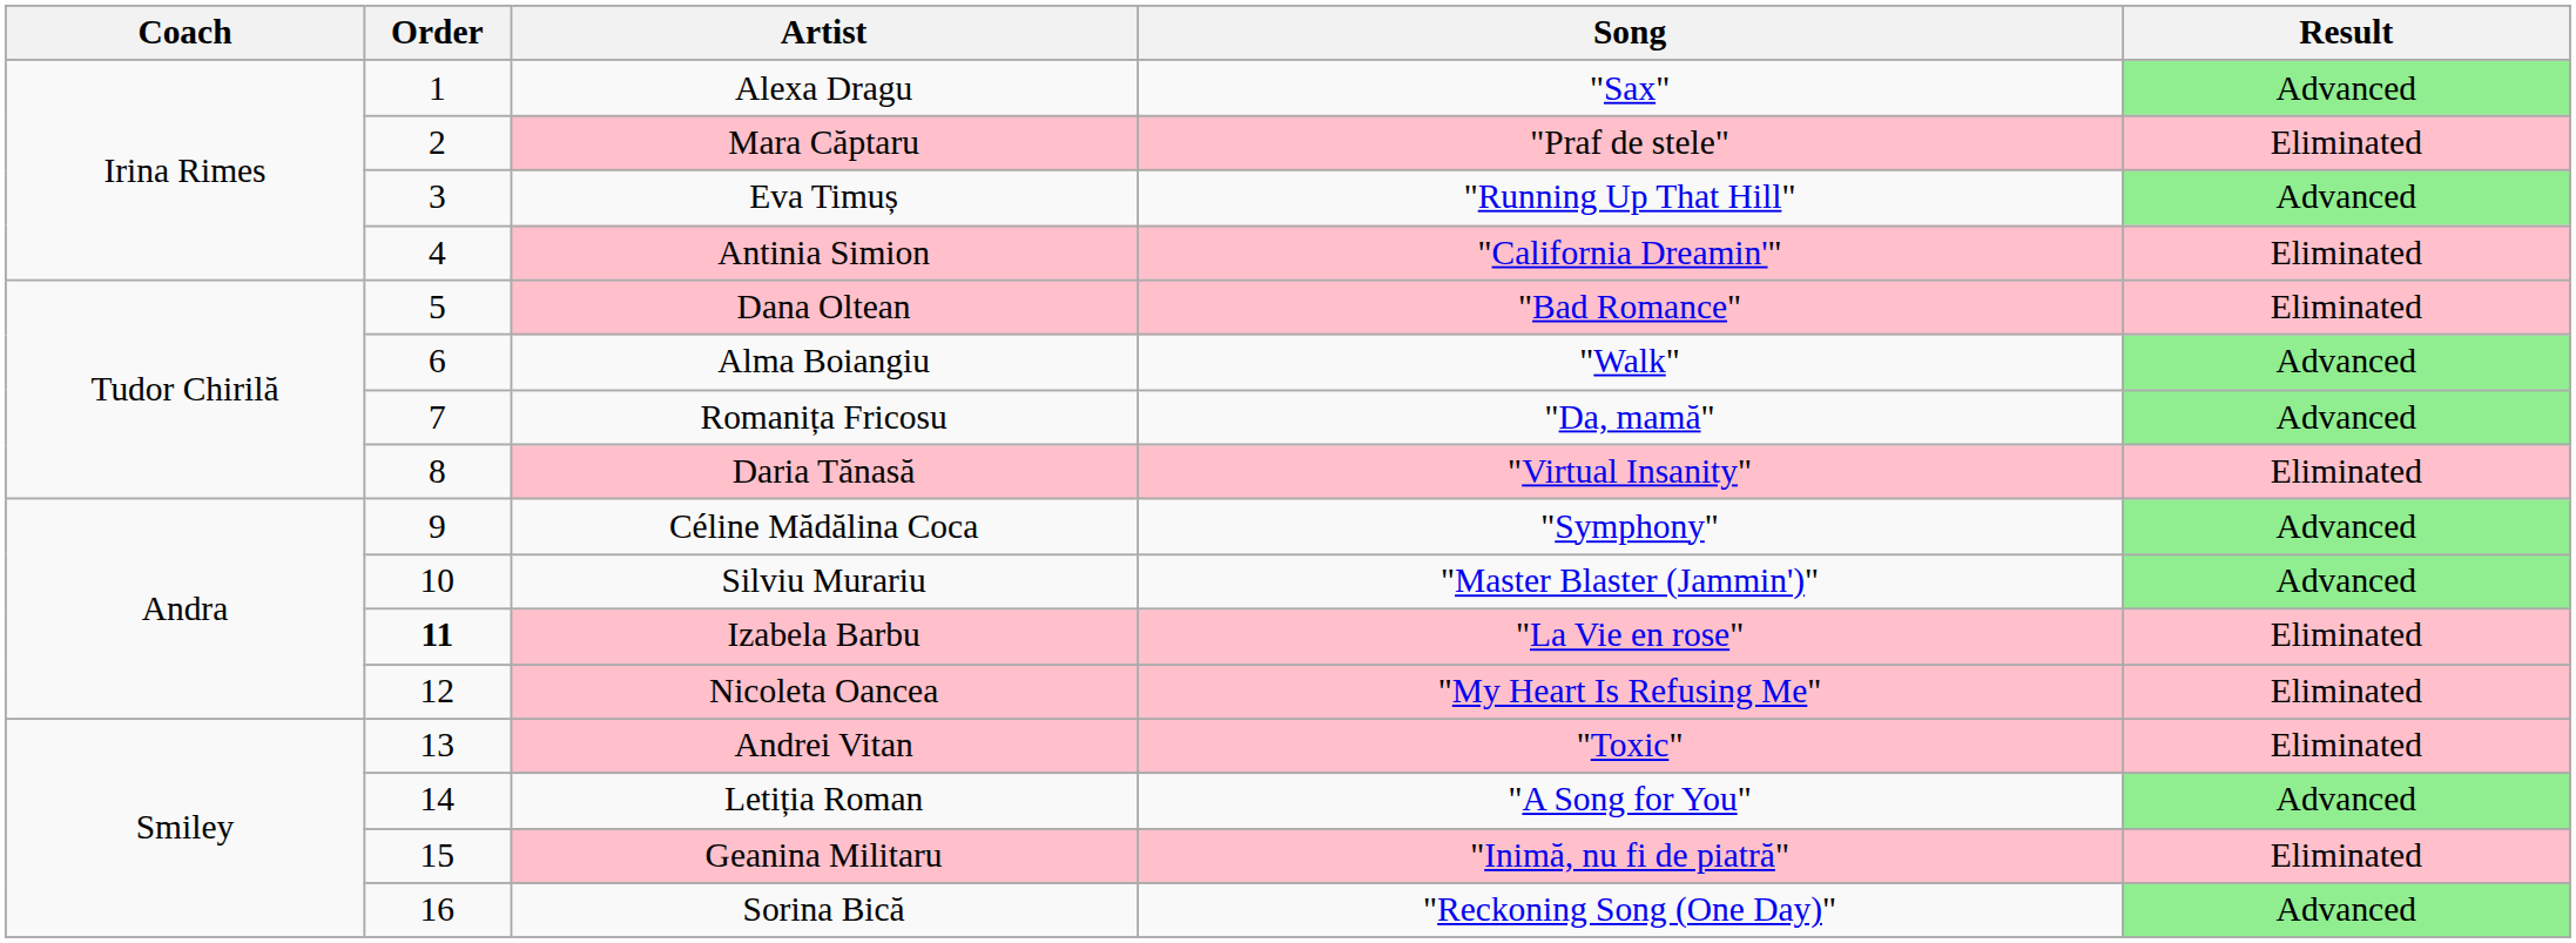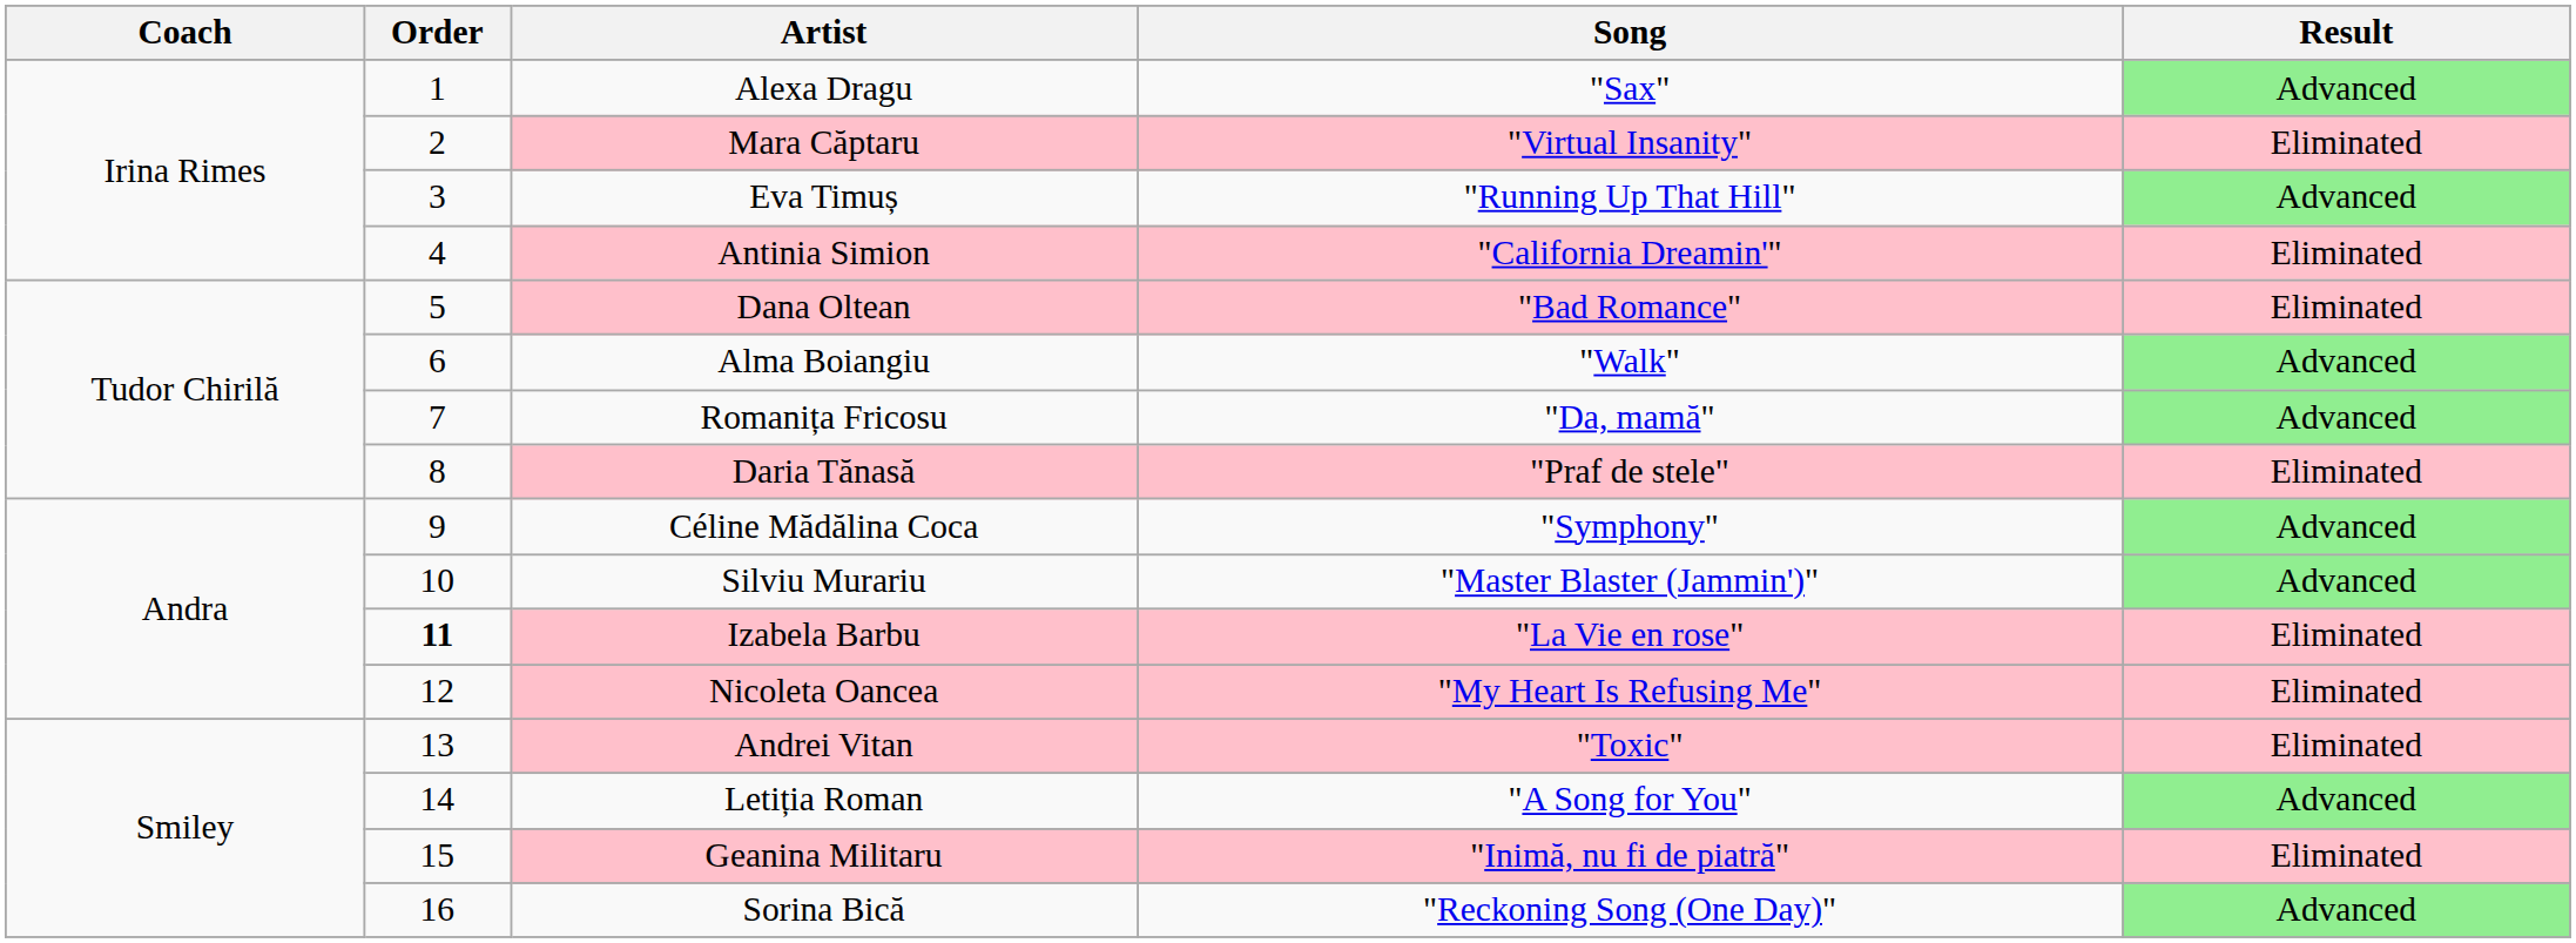 <table class="wikitable" style="text-align: center; width:75%;">
 <tr>
 <th style="width:08%;">Coach</th>
 <th style="width:02%;">Order</th>
 <th style="width:14%;">Artist</th>
 <th style="width:22%;">Song</th>
 <th style="width:10%;">Result</th>
 </tr>
 <tr>
 <td rowspan="4">Irina Rimes</td>
 <td>1</td>
 <td>Alexa Dragu</td>
 <td>"<a href='#'>Sax</a>"</td>
 <td style="background:lightgreen;">Advanced</td>
 </tr>
 <tr>
 <td>2</td>
 <td style="background:pink;">Mara Căptaru</td>
-<td style="background:pink;">"Praf de stele"</td>
+<td style="background:pink;">"<a href='#'>Virtual Insanity</a>"</td>
 <td style="background:pink;">Eliminated</td>
 </tr>
 <tr>
 <td>3</td>
 <td>Eva Timuș</td>
 <td>"<a href='#'>Running Up That Hill</a>"</td>
 <td style="background:lightgreen;">Advanced</td>
 </tr>
 <tr>
 <td>4</td>
 <td style="background:pink;">Antinia Simion</td>
 <td style="background:pink;">"<a href='#'>California Dreamin'</a>"</td>
 <td style="background:pink;">Eliminated</td>
 </tr>
 <tr>
 <td rowspan="4">Tudor Chirilă</td>
 <td>5</td>
 <td style="background:pink;">Dana Oltean</td>
 <td style="background:pink;">"<a href='#'>Bad Romance</a>"</td>
 <td style="background:pink;">Eliminated</td>
 </tr>
 <tr>
 <td>6</td>
 <td>Alma Boiangiu</td>
 <td>"<a href='#'>Walk</a>"</td>
 <td style="background:lightgreen;">Advanced</td>
 </tr>
 <tr>
 <td>7</td>
 <td>Romanița Fricosu</td>
 <td>"<a href='#'>Da, mamă</a>"</td>
 <td style="background:lightgreen;">Advanced</td>
 </tr>
 <tr>
 <td>8</td>
 <td style="background:pink;">Daria Tănasă</td>
-<td style="background:pink;">"<a href='#'>Virtual Insanity</a>"</td>
+<td style="background:pink;">"Praf de stele"</td>
 <td style="background:pink;">Eliminated</td>
 </tr>
 <tr>
 <td rowspan="4">Andra</td>
 <td>9</td>
 <td>Céline Mădălina Coca</td>
 <td>"<a href='#'>Symphony</a>"</td>
 <td style="background:lightgreen;">Advanced</td>
 </tr>
 <tr>
 <td>10</td>
 <td>Silviu Murariu</td>
 <td>"<a href='#'>Master Blaster (Jammin')</a>"</td>
 <td style="background:lightgreen;">Advanced</td>
 </tr>
 <tr>
 <td><strong>11</strong></td>
 <td style="background:pink;">Izabela Barbu</td>
 <td style="background:pink;">"<a href='#'>La Vie en rose</a>"</td>
 <td style="background:pink;">Eliminated</td>
 </tr>
 <tr>
 <td>12</td>
 <td style="background:pink;">Nicoleta Oancea</td>
 <td style="background:pink;">"<a href='#'>My Heart Is Refusing Me</a>"</td>
 <td style="background:pink;">Eliminated</td>
 </tr>
 <tr>
 <td rowspan="4">Smiley</td>
 <td>13</td>
 <td style="background:pink;">Andrei Vitan</td>
 <td style="background:pink;">"<a href='#'>Toxic</a>"</td>
 <td style="background:pink;">Eliminated</td>
 </tr>
 <tr>
 <td>14</td>
 <td>Letiția Roman</td>
 <td>"<a href='#'>A Song for You</a>"</td>
 <td style="background:lightgreen;">Advanced</td>
 </tr>
 <tr>
 <td>15</td>
 <td style="background:pink;">Geanina Militaru</td>
 <td style="background:pink;">"<a href='#'>Inimă, nu fi de piatră</a>"</td>
 <td style="background:pink;">Eliminated</td>
 </tr>
 <tr>
 <td>16</td>
 <td>Sorina Bică</td>
 <td>"<a href='#'>Reckoning Song (One Day)</a>"</td>
 <td style="background:lightgreen;">Advanced</td>
 </tr>
 </table>
